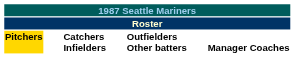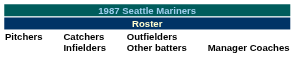 <table class="toccolours" style="font-size: 95%;">
 <tr>
 <th colspan="10" style="background-color: #005c5c;color:#9ECEEE; text-align: center;">1987 Seattle Mariners</th>
 </tr>
 <tr>
 <td colspan="10" style="background-color: #003366; color: #FFFDD0; text-align: center;"><strong>Roster</strong></td>
 </tr>
 <tr>
-<td valign="top" style="background: gold;"><strong>Pitchers</strong><br>                 </td>
+<td valign="top"><strong>Pitchers</strong><br>                 </td>
 <td width="25px"></td>
 <td valign="top"><strong>Catchers</strong><br>    <strong>Infielders</strong>          </td>
 <td width="25px"></td>
 <td valign="top"><strong>Outfielders</strong><br>        <strong>Other batters</strong> </td>
 <td width="25px"></td>
 <td valign="top"><br><strong>Manager</strong>  <strong>Coaches</strong>     </td>
 </tr>
 </table>
